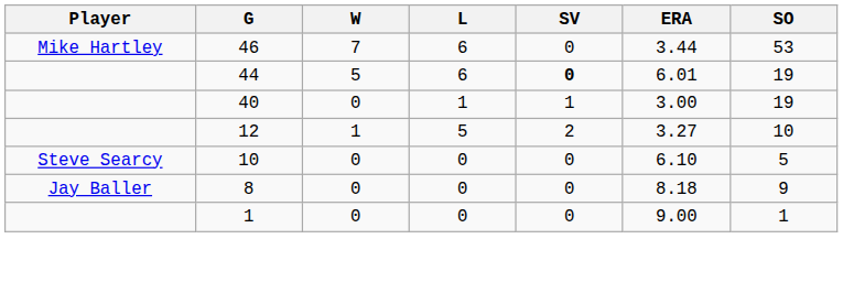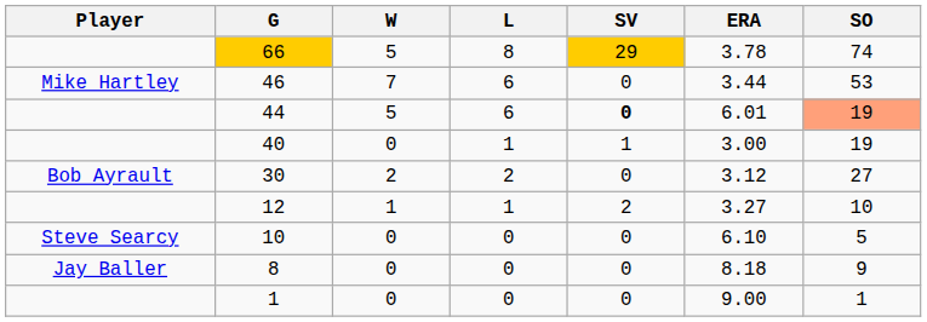 <table class="wikitable sortable">
 <tr>
 <th bgcolor="#DDDDFF" width="16%">Player</th>
 <th bgcolor="#DDDDFF" width="9%">G</th>
 <th bgcolor="#DDDDFF" width="9%">W</th>
 <th bgcolor="#DDDDFF" width="9%">L</th>
 <th bgcolor="#DDDDFF" width="9%">SV</th>
 <th bgcolor="#DDDDFF" width="9%">ERA</th>
 <th bgcolor="#DDDDFF" width="9%">SO</th>
+</tr>
+<tr align="center">
+<td></td>
+<td style="background:#fc0;">66</td>
+<td>5</td>
+<td>8</td>
+<td style="background:#fc0;">29</td>
+<td>3.78</td>
+<td>74</td>
 </tr>
 <tr align="center">
 <td><a href='#'>Mike Hartley</a></td>
 <td>46</td>
 <td>7</td>
 <td>6</td>
 <td>0</td>
 <td>3.44</td>
 <td>53</td>
 </tr>
 <tr align=center>
 <td></td>
 <td>44</td>
 <td>5</td>
 <td>6</td>
 <td><strong>0</strong></td>
 <td>6.01</td>
-<td>19</td>
+<td style="background: lightsalmon;">19</td>
 </tr>
 <tr align="center">
 <td></td>
 <td>40</td>
 <td>0</td>
 <td>1</td>
 <td>1</td>
 <td>3.00</td>
 <td>19</td>
 </tr>
+<tr align="center">
+<td><a href='#'>Bob Ayrault</a></td>
+<td>30</td>
+<td>2</td>
+<td>2</td>
+<td>0</td>
+<td>3.12</td>
+<td>27</td>
+</tr>
 <tr align=center>
 <td></td>
 <td>12</td>
 <td>1</td>
-<td>5</td>
+<td>1</td>
 <td>2</td>
 <td>3.27</td>
 <td>10</td>
 </tr>
 <tr align="center">
 <td><a href='#'>Steve Searcy</a></td>
 <td>10</td>
 <td>0</td>
 <td>0</td>
 <td>0</td>
 <td>6.10</td>
 <td>5</td>
 </tr>
 <tr align=center>
 <td><a href='#'>Jay Baller</a></td>
 <td>8</td>
 <td>0</td>
 <td>0</td>
 <td>0</td>
 <td>8.18</td>
 <td>9</td>
 </tr>
 <tr align=center>
 <td></td>
 <td>1</td>
 <td>0</td>
 <td>0</td>
 <td>0</td>
 <td>9.00</td>
 <td>1</td>
 </tr>
 </table>
